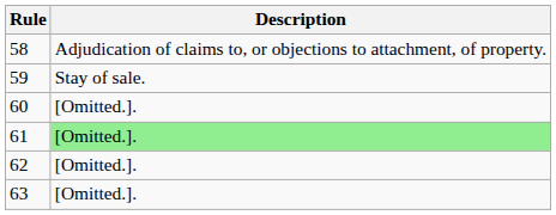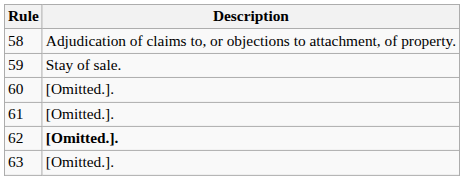 <table class="wikitable">
 <tr>
 <th>Rule</th>
 <th>Description</th>
 </tr>
 <tr>
 <td>58</td>
 <td>Adjudication of claims to, or objections to attachment, of property.</td>
 </tr>
 <tr>
 <td>59</td>
 <td>Stay of sale.</td>
 </tr>
 <tr>
 <td>60</td>
 <td>[Omitted.].</td>
 </tr>
 <tr>
 <td>61</td>
-<td style="background: lightgreen;">[Omitted.].</td>
+<td>[Omitted.].</td>
 </tr>
 <tr>
 <td>62</td>
-<td>[Omitted.].</td>
+<td><strong>[Omitted.].</strong></td>
 </tr>
 <tr>
 <td>63</td>
 <td>[Omitted.].</td>
 </tr>
 </table>
